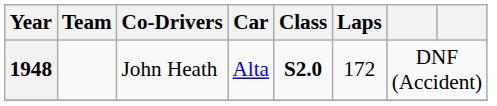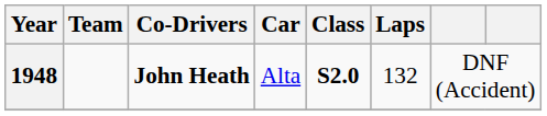 <table class="wikitable" style="font-size:90%">
 <tr>
 <th>Year</th>
 <th>Team</th>
 <th>Co-Drivers</th>
 <th>Car</th>
 <th>Class</th>
 <th>Laps</th>
 <th></th>
 <th></th>
 </tr>
 <tr align="center">
 <th>1948</th>
 <td align="left"></td>
-<td align="left"> John Heath</td>
+<td align="left"><strong> John Heath</strong></td>
 <td align="left"><a href='#'>Alta</a></td>
 <td><strong>S2.0</strong></td>
-<td>172</td>
+<td>132</td>
 <td colspan=2>DNF<br>(Accident)</td>
 </tr>
 <tr align="center">
 </tr>
 </table>
